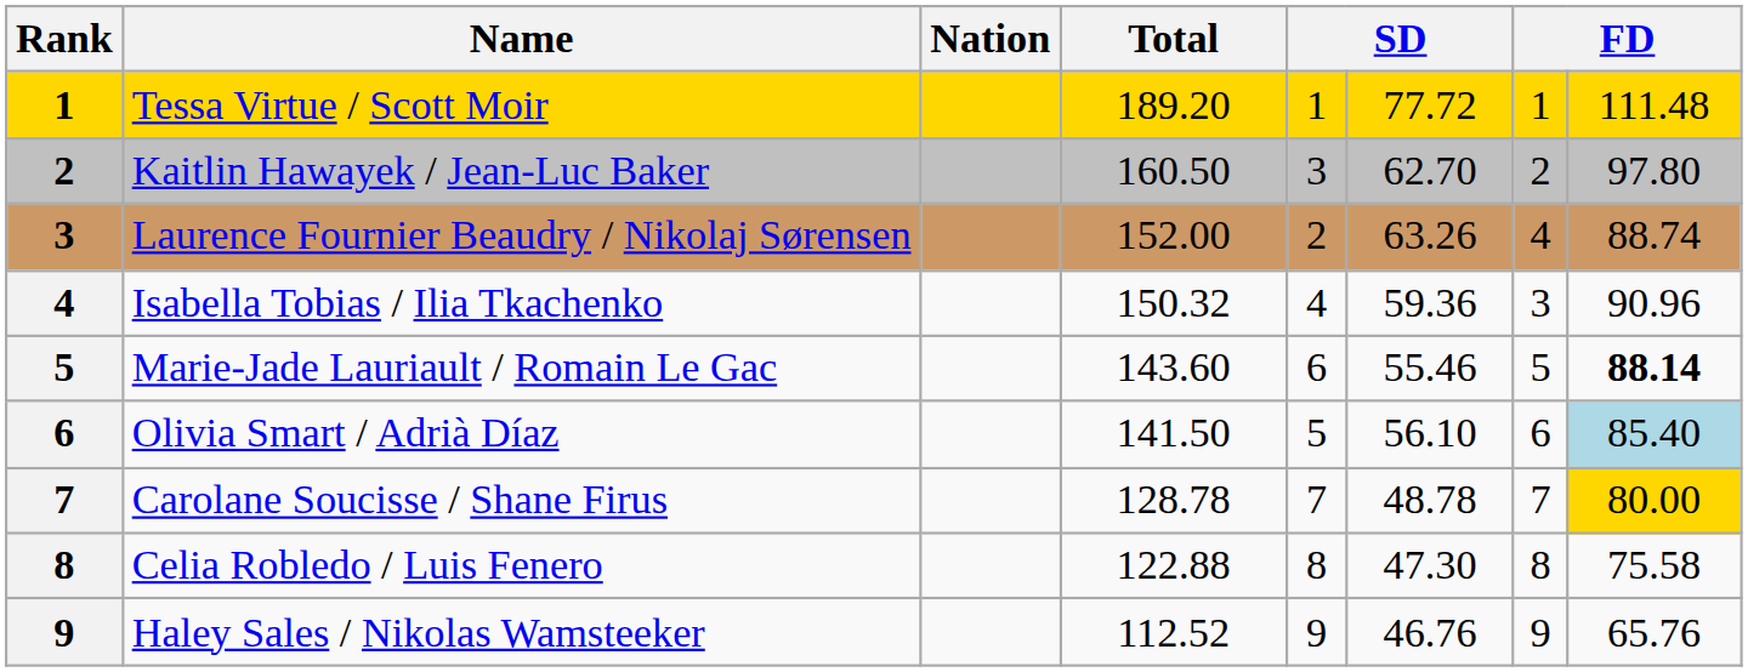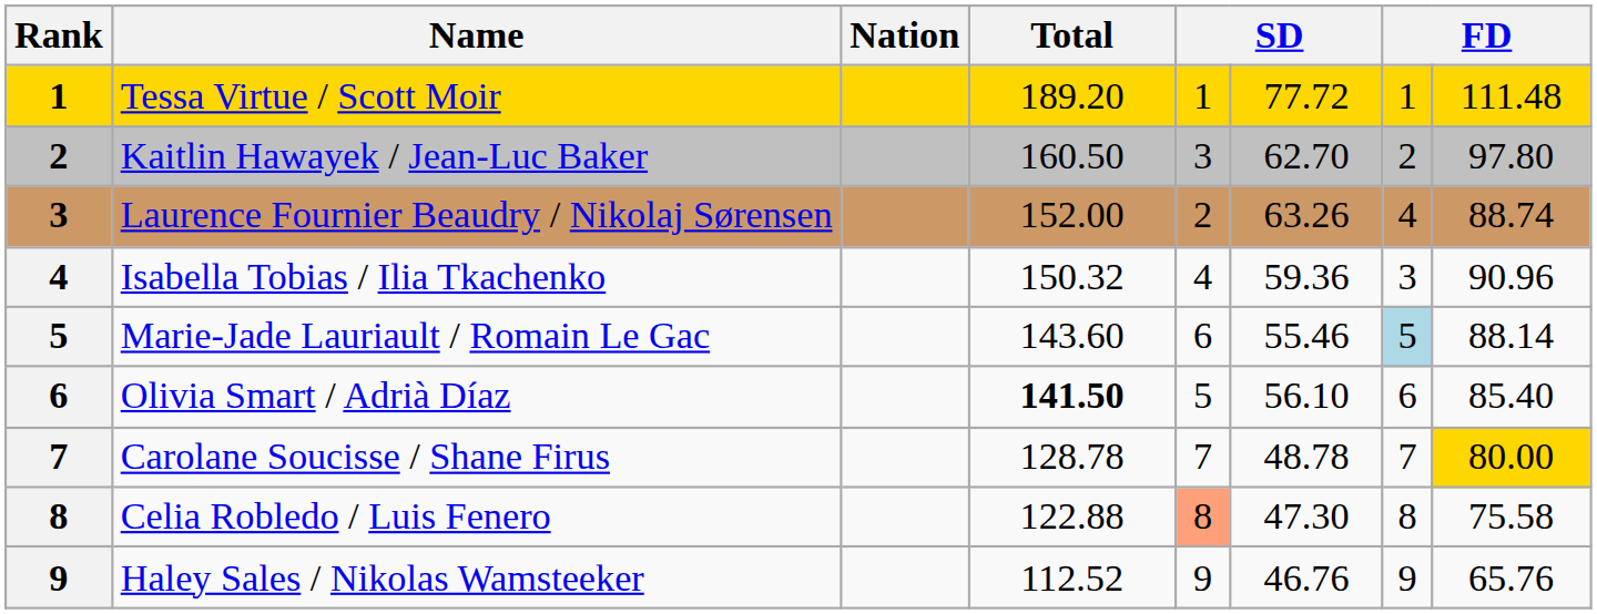 <table class="wikitable sortable">
 <tr>
 <th>Rank</th>
 <th>Name</th>
 <th>Nation</th>
 <th width="80px">Total</th>
 <th colspan="2" width="80px"><a href='#'>SD</a></th>
 <th colspan="2" width="80px"><a href='#'>FD</a></th>
 </tr>
 <tr bgcolor="gold">
 <td align="center"><strong>1</strong></td>
 <td><a href='#'>Tessa Virtue</a> / <a href='#'>Scott Moir</a></td>
 <td></td>
 <td align="center">189.20</td>
 <td align="center">1</td>
 <td align="center">77.72</td>
 <td align="center">1</td>
 <td align="center">111.48</td>
 </tr>
 <tr bgcolor="silver">
 <td align="center"><strong>2</strong></td>
 <td><a href='#'>Kaitlin Hawayek</a> / <a href='#'>Jean-Luc Baker</a></td>
 <td></td>
 <td align="center">160.50</td>
 <td align="center">3</td>
 <td align="center">62.70</td>
 <td align="center">2</td>
 <td align="center">97.80</td>
 </tr>
 <tr bgcolor="cc9966">
 <td align="center"><strong>3</strong></td>
 <td><a href='#'>Laurence Fournier Beaudry</a> / <a href='#'>Nikolaj Sørensen</a></td>
 <td></td>
 <td align="center">152.00</td>
 <td align="center">2</td>
 <td align="center">63.26</td>
 <td align="center">4</td>
 <td align="center">88.74</td>
 </tr>
 <tr>
 <th>4</th>
 <td><a href='#'>Isabella Tobias</a> / <a href='#'>Ilia Tkachenko</a></td>
 <td></td>
 <td align="center">150.32</td>
 <td align="center">4</td>
 <td align="center">59.36</td>
 <td align="center">3</td>
 <td align="center">90.96</td>
 </tr>
 <tr>
 <th>5</th>
 <td><a href='#'>Marie-Jade Lauriault</a> / <a href='#'>Romain Le Gac</a></td>
 <td></td>
 <td align="center">143.60</td>
 <td align="center">6</td>
 <td align="center">55.46</td>
-<td align="center">5</td>
-<td align="center"><strong>88.14</strong></td>
+<td align="center" style="background: lightblue;">5</td>
+<td align="center">88.14</td>
 </tr>
 <tr>
 <th>6</th>
 <td><a href='#'>Olivia Smart</a> / <a href='#'>Adrià Díaz</a></td>
 <td></td>
-<td align="center">141.50</td>
+<td align="center"><strong>141.50</strong></td>
 <td align="center">5</td>
 <td align="center">56.10</td>
 <td align="center">6</td>
-<td align="center" style="background: lightblue;">85.40</td>
+<td align="center">85.40</td>
 </tr>
 <tr>
 <th>7</th>
 <td><a href='#'>Carolane Soucisse</a> / <a href='#'>Shane Firus</a></td>
 <td></td>
 <td align="center">128.78</td>
 <td align="center">7</td>
 <td align="center">48.78</td>
 <td align="center">7</td>
 <td align="center" style="background: gold;">80.00</td>
 </tr>
 <tr>
 <th>8</th>
 <td><a href='#'>Celia Robledo</a> / <a href='#'>Luis Fenero</a></td>
 <td></td>
 <td align="center">122.88</td>
-<td align="center">8</td>
+<td align="center" style="background: lightsalmon;">8</td>
 <td align="center">47.30</td>
 <td align="center">8</td>
 <td align="center">75.58</td>
 </tr>
 <tr>
 <th>9</th>
 <td><a href='#'>Haley Sales</a> / <a href='#'>Nikolas Wamsteeker</a></td>
 <td></td>
 <td align="center">112.52</td>
 <td align="center">9</td>
 <td align="center">46.76</td>
 <td align="center">9</td>
 <td align="center">65.76</td>
 </tr>
 </table>
